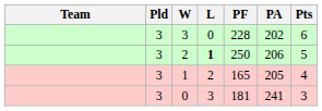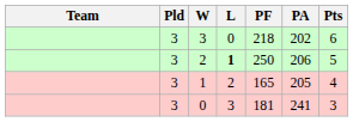 <table class="wikitable" style="text-align:center;">
 <tr>
 <th width=170>Team</th>
 <th width=25>Pld</th>
 <th width=25>W</th>
 <th width=25>L</th>
 <th width=35>PF</th>
 <th width=35>PA</th>
 <th width=25>Pts</th>
 </tr>
 <tr bgcolor=#ccffcc>
 <td align="left"></td>
 <td>3</td>
 <td>3</td>
 <td>0</td>
-<td>228</td>
+<td>218</td>
 <td>202</td>
 <td>6</td>
 </tr>
 <tr bgcolor=#ccffcc>
 <td align="left"></td>
 <td>3</td>
 <td>2</td>
 <td><strong>1</strong></td>
 <td>250</td>
 <td>206</td>
 <td>5</td>
 </tr>
 <tr bgcolor=#ffcccc>
 <td align="left"></td>
 <td>3</td>
 <td>1</td>
 <td>2</td>
 <td>165</td>
 <td>205</td>
 <td>4</td>
 </tr>
 <tr bgcolor=#ffcccc>
 <td align="left"></td>
 <td>3</td>
 <td>0</td>
 <td>3</td>
 <td>181</td>
 <td>241</td>
 <td>3</td>
 </tr>
 </table>
